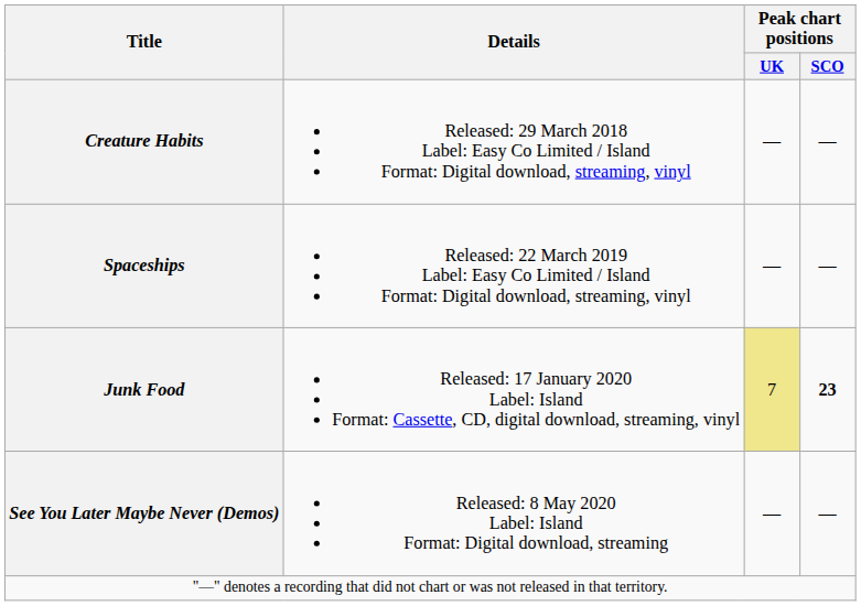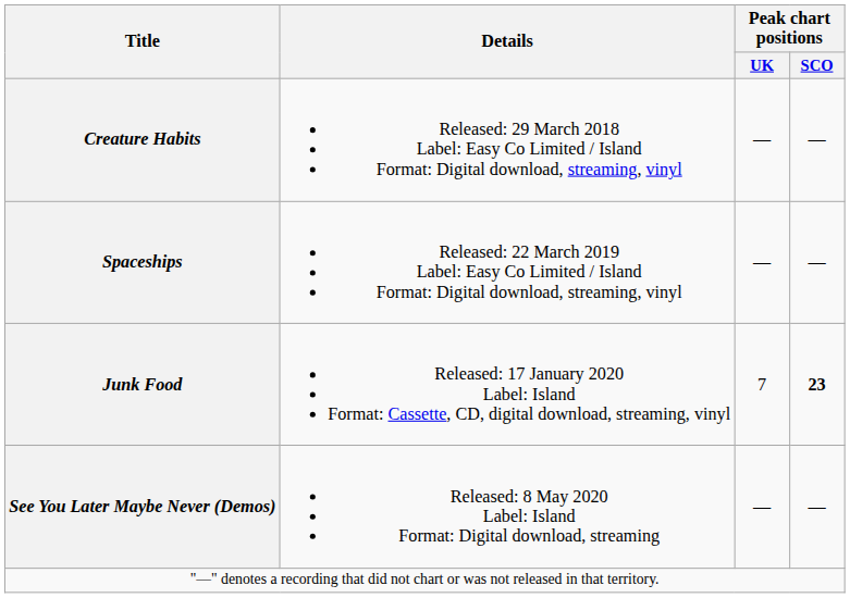 <table class="wikitable plainrowheaders" style="text-align:center;">
 <tr>
 <th rowspan="2">Title</th>
 <th rowspan="2">Details</th>
 <th colspan="2">Peak chart positions</th>
 </tr>
 <tr>
 <th scope="col" style="width:3em; font-size:90%"><a href='#'>UK</a><br></th>
 <th scope="col" style="width:3em; font-size:90%"><a href='#'>SCO</a><br></th>
 </tr>
 <tr>
 <th scope="row"><em>Creature Habits</em></th>
 <td><br><ul><li>Released: 29 March 2018</li><li>Label: Easy Co Limited / Island</li><li>Format: Digital download, <a href='#'>streaming</a>, <a href='#'>vinyl</a></li></ul></td>
 <td>—</td>
 <td>—</td>
 </tr>
 <tr>
 <th scope="row"><em>Spaceships</em></th>
 <td><br><ul><li>Released: 22 March 2019</li><li>Label: Easy Co Limited / Island</li><li>Format: Digital download, streaming, vinyl</li></ul></td>
 <td>—</td>
 <td>—</td>
 </tr>
 <tr>
 <th scope="row"><em>Junk Food</em></th>
 <td><br><ul><li>Released: 17 January 2020</li><li>Label: Island</li><li>Format: <a href='#'>Cassette</a>, CD, digital download, streaming, vinyl</li></ul></td>
-<td style="background: khaki;">7</td>
+<td>7</td>
 <td><strong>23</strong></td>
 </tr>
 <tr>
 <th scope="row"><em>See You Later Maybe Never (Demos)</em></th>
 <td><br><ul><li>Released: 8 May 2020</li><li>Label: Island</li><li>Format: Digital download, streaming</li></ul></td>
 <td>—</td>
 <td>—</td>
 </tr>
 <tr>
 <td colspan="6" style="font-size:85%">"—" denotes a recording that did not chart or was not released in that territory.</td>
 </tr>
 </table>
